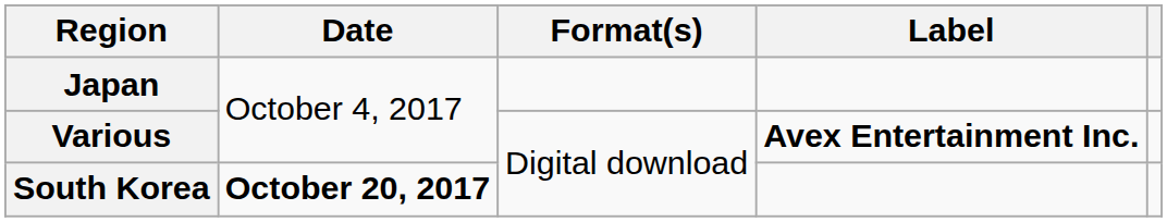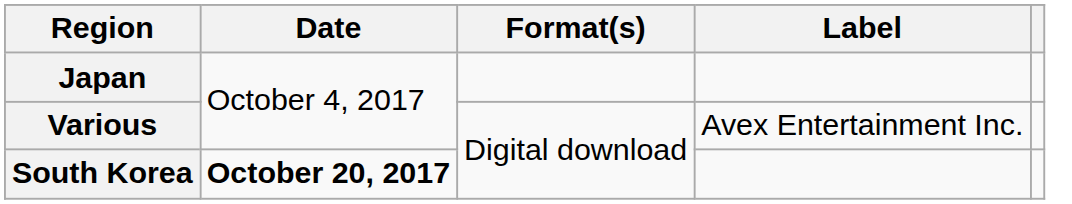 <table class="wikitable plainrowheaders">
 <tr>
 <th scope="col">Region</th>
 <th scope="col">Date</th>
 <th scope="col">Format(s)</th>
 <th scope="col">Label</th>
 <th scope="col"></th>
 </tr>
 <tr>
 <th scope="row">Japan</th>
 <td rowspan=2>October 4, 2017</td>
 <td></td>
 <td></td>
 <td></td>
 </tr>
 <tr>
 <th scope="row">Various</th>
 <td rowspan=2>Digital download</td>
-<td><strong>Avex Entertainment Inc.</strong></td>
+<td>Avex Entertainment Inc.</td>
 <td></td>
 </tr>
 <tr>
 <th scope="row">South Korea</th>
 <td><strong>October 20, 2017</strong></td>
 <td></td>
 <td></td>
 </tr>
 </table>
